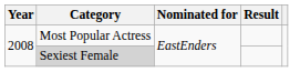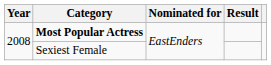 <table class="wikitable plainrowheaders">
 <tr>
 <th scope="col">Year</th>
 <th scope="col">Category</th>
 <th scope="col">Nominated for</th>
 <th scope="col">Result</th>
 <th scope="col"></th>
 </tr>
 <tr>
 <td align="center" rowspan = "2">2008</td>
-<td>Most Popular Actress</td>
+<td><strong>Most Popular Actress</strong></td>
 <td rowspan = "2"><em>EastEnders</em></td>
 <td></td>
 <td align="center" rowspan = "2"></td>
 </tr>
 <tr>
-<td style="background: lightgrey;">Sexiest Female</td>
+<td>Sexiest Female</td>
 <td></td>
 </tr>
 </table>
